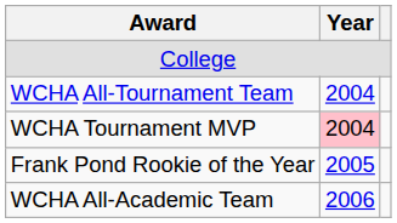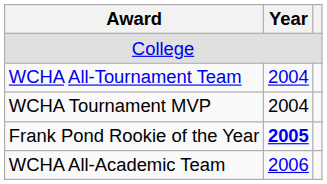 <table class="wikitable">
 <tr>
 <th>Award</th>
 <th>Year</th>
 <th></th>
 </tr>
 <tr ALIGN="center" bgcolor="#e0e0e0">
 <td colspan="3"><a href='#'>College</a></td>
 </tr>
 <tr>
 <td><a href='#'>WCHA</a> <a href='#'>All-Tournament Team</a></td>
 <td><a href='#'>2004</a></td>
 <td></td>
 </tr>
 <tr>
 <td>WCHA Tournament MVP</td>
-<td style="background: pink;">2004</td>
+<td>2004</td>
 <td></td>
 </tr>
 <tr>
 <td>Frank Pond Rookie of the Year</td>
-<td><a href='#'>2005</a></td>
+<td><strong><a href='#'>2005</a></strong></td>
 <td></td>
 </tr>
 <tr>
 <td>WCHA All-Academic Team</td>
 <td><a href='#'>2006</a></td>
 <td></td>
 </tr>
 </table>
